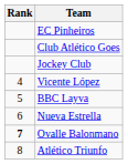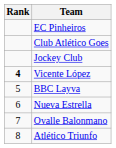 <table class="wikitable">
 <tr>
 <th>Rank</th>
 <th>Team</th>
 </tr>
 <tr>
 <td align=center></td>
 <td> <a href='#'>EC Pinheiros</a></td>
 </tr>
 <tr>
 <td align=center></td>
 <td> <a href='#'>Club Atlético Goes</a></td>
 </tr>
 <tr>
 <td align=center></td>
 <td> <a href='#'>Jockey Club</a></td>
 </tr>
 <tr>
-<td align=center>4</td>
+<td align=center><strong>4</strong></td>
 <td> <a href='#'>Vicente López</a></td>
 </tr>
 <tr>
 <td align=center>5</td>
 <td> <a href='#'>BBC Layva</a></td>
 </tr>
 <tr>
 <td align=center>6</td>
 <td> <a href='#'>Nueva Estrella</a></td>
 </tr>
 <tr>
-<td align=center><strong>7</strong></td>
+<td align=center>7</td>
 <td> <a href='#'>Ovalle Balonmano</a></td>
 </tr>
 <tr>
 <td align=center>8</td>
 <td> <a href='#'>Atlético Triunfo</a></td>
 </tr>
 </table>
